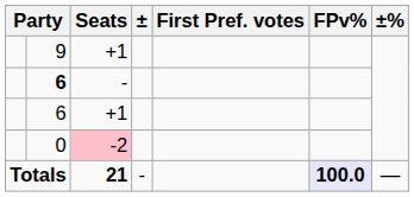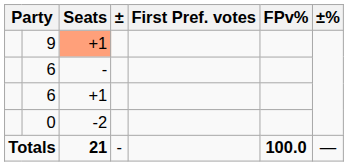 <table class=wikitable>
 <tr>
 <th colspan=2 align=center>Party</th>
 <th valign=top>Seats</th>
 <th valign=top>±</th>
 <th valign=top>First Pref. votes</th>
 <th valign=top>FPv%</th>
 <th valign=top>±%</th>
 </tr>
 <tr>
 <td></td>
 <td align=right>9</td>
-<td align=right>+1</td>
+<td align=right style="background: lightsalmon;">+1</td>
 <td align=right></td>
 <td align=right></td>
 <td align=right></td>
 </tr>
 <tr>
 <td></td>
-<td align=right><strong>6</strong></td>
+<td align=right>6</td>
 <td align=right>-</td>
 <td align=right></td>
 <td align=right></td>
 <td align=right></td>
 </tr>
 <tr>
 <td></td>
 <td align=right>6</td>
 <td align=right>+1</td>
 <td align=right></td>
 <td align=right></td>
 <td align=right></td>
 </tr>
 <tr>
 <td></td>
 <td align=right>0</td>
-<td align=right style="background: pink;">-2</td>
+<td align=right>-2</td>
 <td align=right></td>
 <td align=right></td>
 <td align=right></td>
 </tr>
 <tr>
 <td colspan=2 align=center><strong>Totals</strong></td>
 <td align=right><strong>21</strong></td>
 <td align=center>-</td>
 <td align=right></td>
-<td align=center style="background: lavender;"><strong>100.0</strong></td>
+<td align=center><strong>100.0</strong></td>
 <td align=center>—</td>
 </tr>
 </table>
